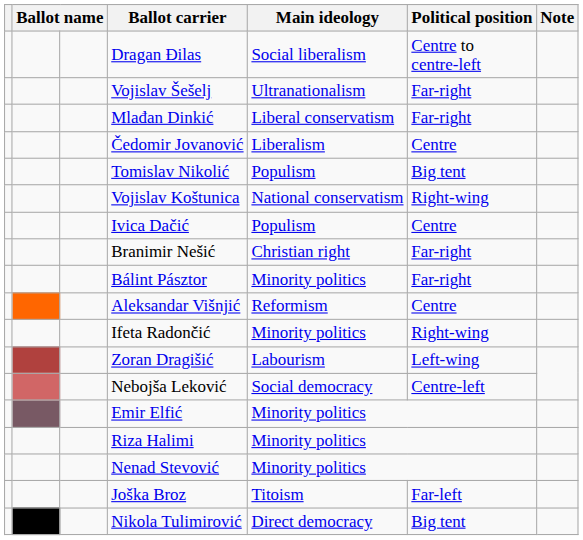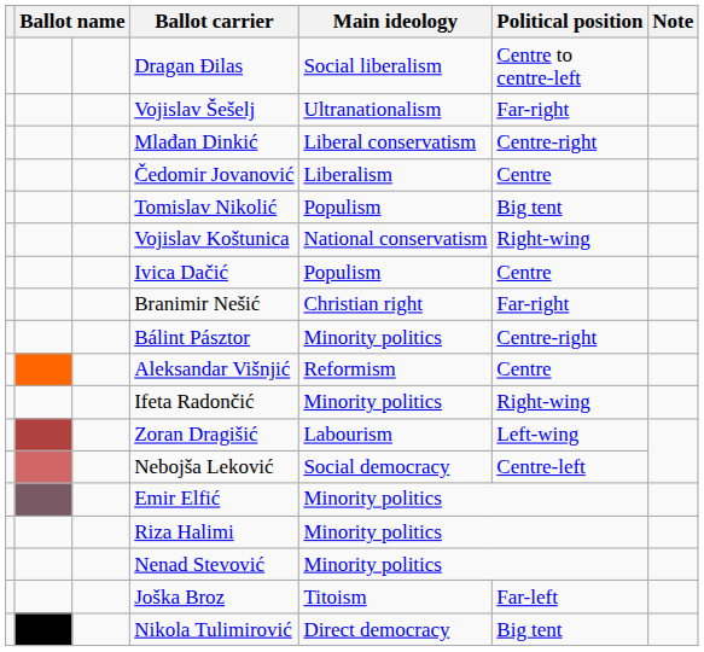 <table class="wikitable">
 <tr>
 <th></th>
 <th colspan="2">Ballot name</th>
 <th>Ballot carrier</th>
 <th>Main ideology</th>
 <th>Political position</th>
 <th>Note </th>
 </tr>
 <tr>
 <td></td>
 <td style="background:"></td>
 <td></td>
 <td><a href='#'>Dragan Đilas</a></td>
 <td><a href='#'>Social liberalism</a></td>
 <td><a href='#'>Centre</a> to<br><a href='#'>centre-left</a></td>
 <td></td>
 </tr>
 <tr>
 <td></td>
 <td style="background:"></td>
 <td></td>
 <td><a href='#'>Vojislav Šešelj</a></td>
 <td><a href='#'>Ultranationalism</a></td>
 <td><a href='#'>Far-right</a></td>
 <td></td>
 </tr>
 <tr>
 <td></td>
 <td style="background:"></td>
 <td></td>
 <td><a href='#'>Mlađan Dinkić</a></td>
 <td><a href='#'>Liberal conservatism</a></td>
-<td><a href='#'>Far-right</a></td>
+<td><a href='#'>Centre-right</a></td>
 <td></td>
 </tr>
 <tr>
 <td></td>
 <td style="background:"></td>
 <td></td>
 <td><a href='#'>Čedomir Jovanović</a></td>
 <td><a href='#'>Liberalism</a></td>
 <td><a href='#'>Centre</a></td>
 <td></td>
 </tr>
 <tr>
 <td></td>
 <td style="background:"></td>
 <td></td>
 <td><a href='#'>Tomislav Nikolić</a></td>
 <td><a href='#'>Populism</a></td>
 <td><a href='#'>Big tent</a></td>
 <td></td>
 </tr>
 <tr>
 <td></td>
 <td style="background:"></td>
 <td></td>
 <td><a href='#'>Vojislav Koštunica</a></td>
 <td><a href='#'>National conservatism</a></td>
 <td><a href='#'>Right-wing</a></td>
 <td></td>
 </tr>
 <tr>
 <td></td>
 <td style="background:"></td>
 <td></td>
 <td><a href='#'>Ivica Dačić</a></td>
 <td><a href='#'>Populism</a></td>
 <td><a href='#'>Centre</a></td>
 <td></td>
 </tr>
 <tr>
 <td></td>
 <td style="background:"></td>
 <td></td>
 <td>Branimir Nešić</td>
 <td><a href='#'>Christian right</a></td>
 <td><a href='#'>Far-right</a></td>
 <td></td>
 </tr>
 <tr>
 <td></td>
 <td style="background:"></td>
 <td></td>
 <td><a href='#'>Bálint Pásztor</a></td>
 <td><a href='#'>Minority politics</a></td>
-<td><a href='#'>Far-right</a></td>
+<td><a href='#'>Centre-right</a></td>
 <td></td>
 </tr>
 <tr>
 <td></td>
 <td style="background:#FF6600"></td>
 <td></td>
 <td><a href='#'>Aleksandar Višnjić</a></td>
 <td><a href='#'>Reformism</a></td>
 <td><a href='#'>Centre</a></td>
 <td></td>
 </tr>
 <tr>
 <td></td>
 <td style="background:"></td>
 <td></td>
 <td>Ifeta Radončić</td>
 <td><a href='#'>Minority politics</a></td>
 <td><a href='#'>Right-wing</a></td>
 <td></td>
 </tr>
 <tr>
 <td></td>
 <td style="background:#B0413E"></td>
 <td></td>
 <td><a href='#'>Zoran Dragišić</a></td>
 <td><a href='#'>Labourism</a></td>
 <td><a href='#'>Left-wing</a></td>
 </tr>
 <tr>
 <td></td>
 <td style="background:#D16666"></td>
 <td></td>
 <td>Nebojša Leković</td>
 <td><a href='#'>Social democracy</a></td>
 <td><a href='#'>Centre-left</a></td>
 </tr>
 <tr>
 <td></td>
 <td style="background:#785964"></td>
 <td></td>
 <td><a href='#'>Emir Elfić</a></td>
 <td colspan="2"><a href='#'>Minority politics</a></td>
 <td></td>
 </tr>
 <tr>
 <td></td>
 <td style="background:"></td>
 <td></td>
 <td><a href='#'>Riza Halimi</a></td>
 <td colspan="2"><a href='#'>Minority politics</a></td>
 <td></td>
 </tr>
 <tr>
 <td></td>
 <td style="background:"></td>
 <td></td>
 <td><a href='#'>Nenad Stevović</a></td>
 <td colspan="2"><a href='#'>Minority politics</a></td>
 <td></td>
 </tr>
 <tr>
 <td></td>
 <td style="background:"></td>
 <td></td>
 <td><a href='#'>Joška Broz</a></td>
 <td><a href='#'>Titoism</a></td>
 <td><a href='#'>Far-left</a></td>
 <td></td>
 </tr>
 <tr>
 <td></td>
 <td style="background:black"></td>
 <td></td>
 <td><a href='#'>Nikola Tulimirović</a></td>
 <td><a href='#'>Direct democracy</a></td>
 <td><a href='#'>Big tent</a></td>
 <td></td>
 </tr>
 </table>
